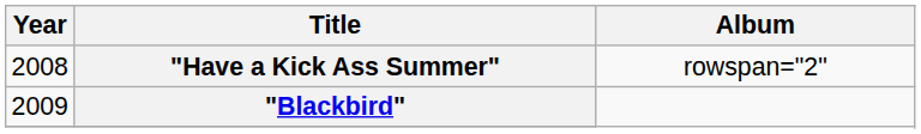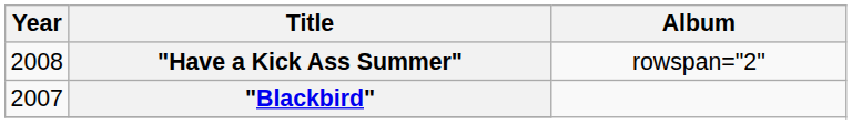 <table class="wikitable plainrowheaders" style="text-align:center;" border="1">
 <tr>
 <th style="width:2em;">Year</th>
 <th style="width:20em;">Title</th>
 <th style="width:12em;">Album</th>
 </tr>
 <tr>
 <td>2008</td>
 <th scope="row">"Have a Kick Ass Summer"</th>
 <td>rowspan="2" </td>
 </tr>
 <tr>
-<td>2009</td>
+<td>2007</td>
 <th scope="row">"<a href='#'>Blackbird</a>"</th>
 </tr>
 <tr>
 </tr>
 </table>
